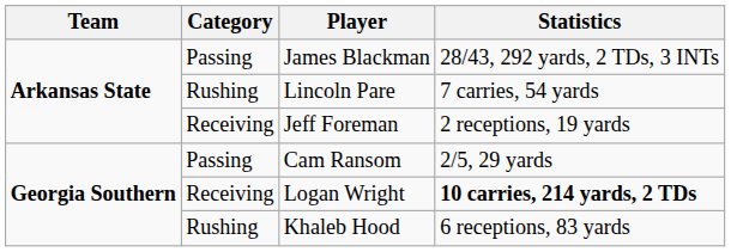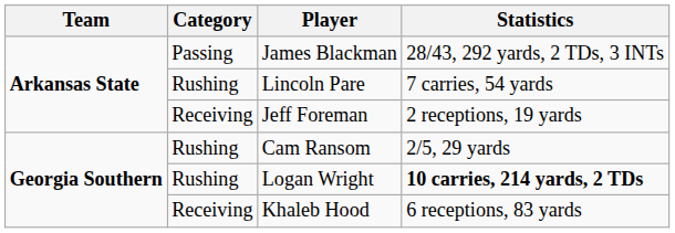 <table class="wikitable" style="float: left;">
 <tr>
 <th>Team</th>
 <th>Category</th>
 <th>Player</th>
 <th>Statistics</th>
 </tr>
 <tr>
 <td rowspan=3><strong>Arkansas State</strong></td>
 <td>Passing</td>
 <td>James Blackman</td>
 <td>28/43, 292 yards, 2 TDs, 3 INTs</td>
 </tr>
 <tr>
 <td>Rushing</td>
 <td>Lincoln Pare</td>
 <td>7 carries, 54 yards</td>
 </tr>
 <tr>
 <td>Receiving</td>
 <td>Jeff Foreman</td>
 <td>2 receptions, 19 yards</td>
 </tr>
 <tr>
 <td rowspan=3><strong>Georgia Southern</strong></td>
-<td>Passing</td>
+<td>Rushing</td>
 <td>Cam Ransom</td>
 <td>2/5, 29 yards</td>
 </tr>
 <tr>
-<td>Receiving</td>
+<td>Rushing</td>
 <td>Logan Wright</td>
 <td><strong>10 carries, 214 yards, 2 TDs</strong></td>
 </tr>
 <tr>
-<td>Rushing</td>
+<td>Receiving</td>
 <td>Khaleb Hood</td>
 <td>6 receptions, 83 yards</td>
 </tr>
 </table>
